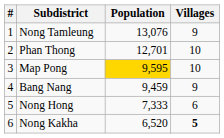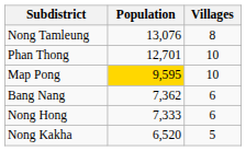 <table class="wikitable" style="width:48%; display:inline-table;">
 <tr>
-<th>#</th>
 <th>Subdistrict</th>
 <th>Population</th>
 <th>Villages</th>
 </tr>
 <tr>
-<td style="text-align:center;">1</td>
 <td>Nong Tamleung</td>
 <td style="text-align:right;">13,076</td>
-<td style="text-align:center;">9</td>
+<td style="text-align:center;">8</td>
 </tr>
 <tr>
-<td style="text-align:center;">2</td>
 <td>Phan Thong</td>
 <td style="text-align:right;">12,701</td>
 <td style="text-align:center;">10</td>
 </tr>
 <tr>
-<td style="text-align:center;">3</td>
 <td>Map Pong</td>
 <td style="background: gold; text-align:right;">9,595</td>
 <td style="text-align:center;">10</td>
 </tr>
 <tr>
-<td style="text-align:center;">4</td>
 <td>Bang Nang</td>
-<td style="text-align:right;">9,459</td>
-<td style="text-align:center;">9</td>
+<td style="text-align:right;">7,362</td>
+<td style="text-align:center;">6</td>
 </tr>
 <tr>
-<td style="text-align:center;">5</td>
 <td>Nong Hong</td>
 <td style="text-align:right;">7,333</td>
 <td style="text-align:center;">6</td>
 </tr>
 <tr>
-<td style="text-align:center;">6</td>
 <td>Nong Kakha</td>
 <td style="text-align:right;">6,520</td>
-<td style="text-align:center;"><strong>5</strong></td>
+<td style="text-align:center;">5</td>
 </tr>
 </table>
